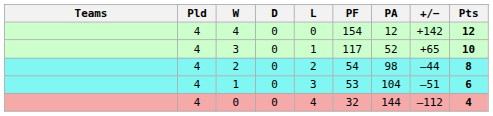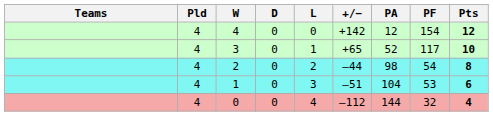 <table class="wikitable" style="text-align: center;">
 <tr>
 <th width="200">Teams</th>
 <th width="40">Pld</th>
 <th width="40">W</th>
 <th width="40">D</th>
 <th width="40">L</th>
+<th width="40">+/−</th>
+<th width="40">PA</th>
 <th width="40">PF</th>
-<th width="40">PA</th>
-<th width="40">+/−</th>
 <th width="40">Pts</th>
 </tr>
 <tr bgcolor=ccffcc>
 <td align=left></td>
 <td>4</td>
 <td>4</td>
 <td>0</td>
 <td>0</td>
+<td>+142</td>
+<td>12</td>
 <td>154</td>
-<td>12</td>
-<td>+142</td>
 <td><strong>12</strong></td>
 </tr>
 <tr bgcolor=ccffcc>
 <td align=left></td>
 <td>4</td>
 <td>3</td>
 <td>0</td>
 <td>1</td>
+<td>+65</td>
+<td>52</td>
 <td>117</td>
-<td>52</td>
-<td>+65</td>
 <td><strong>10</strong></td>
 </tr>
 <tr bgcolor=81F7F3>
 <td align=left></td>
 <td>4</td>
 <td>2</td>
 <td>0</td>
 <td>2</td>
+<td>–44</td>
+<td>98</td>
 <td>54</td>
-<td>98</td>
-<td>–44</td>
 <td><strong>8</strong></td>
 </tr>
 <tr bgcolor=81F7F3>
 <td align=left></td>
 <td>4</td>
 <td>1</td>
 <td>0</td>
 <td>3</td>
+<td>–51</td>
+<td>104</td>
 <td>53</td>
-<td>104</td>
-<td>–51</td>
 <td><strong>6</strong></td>
 </tr>
 <tr bgcolor=F5A9A9>
 <td align=left></td>
 <td>4</td>
 <td>0</td>
 <td>0</td>
 <td>4</td>
+<td>–112</td>
+<td>144</td>
 <td>32</td>
-<td>144</td>
-<td>–112</td>
 <td><strong>4</strong></td>
 </tr>
 </table>
